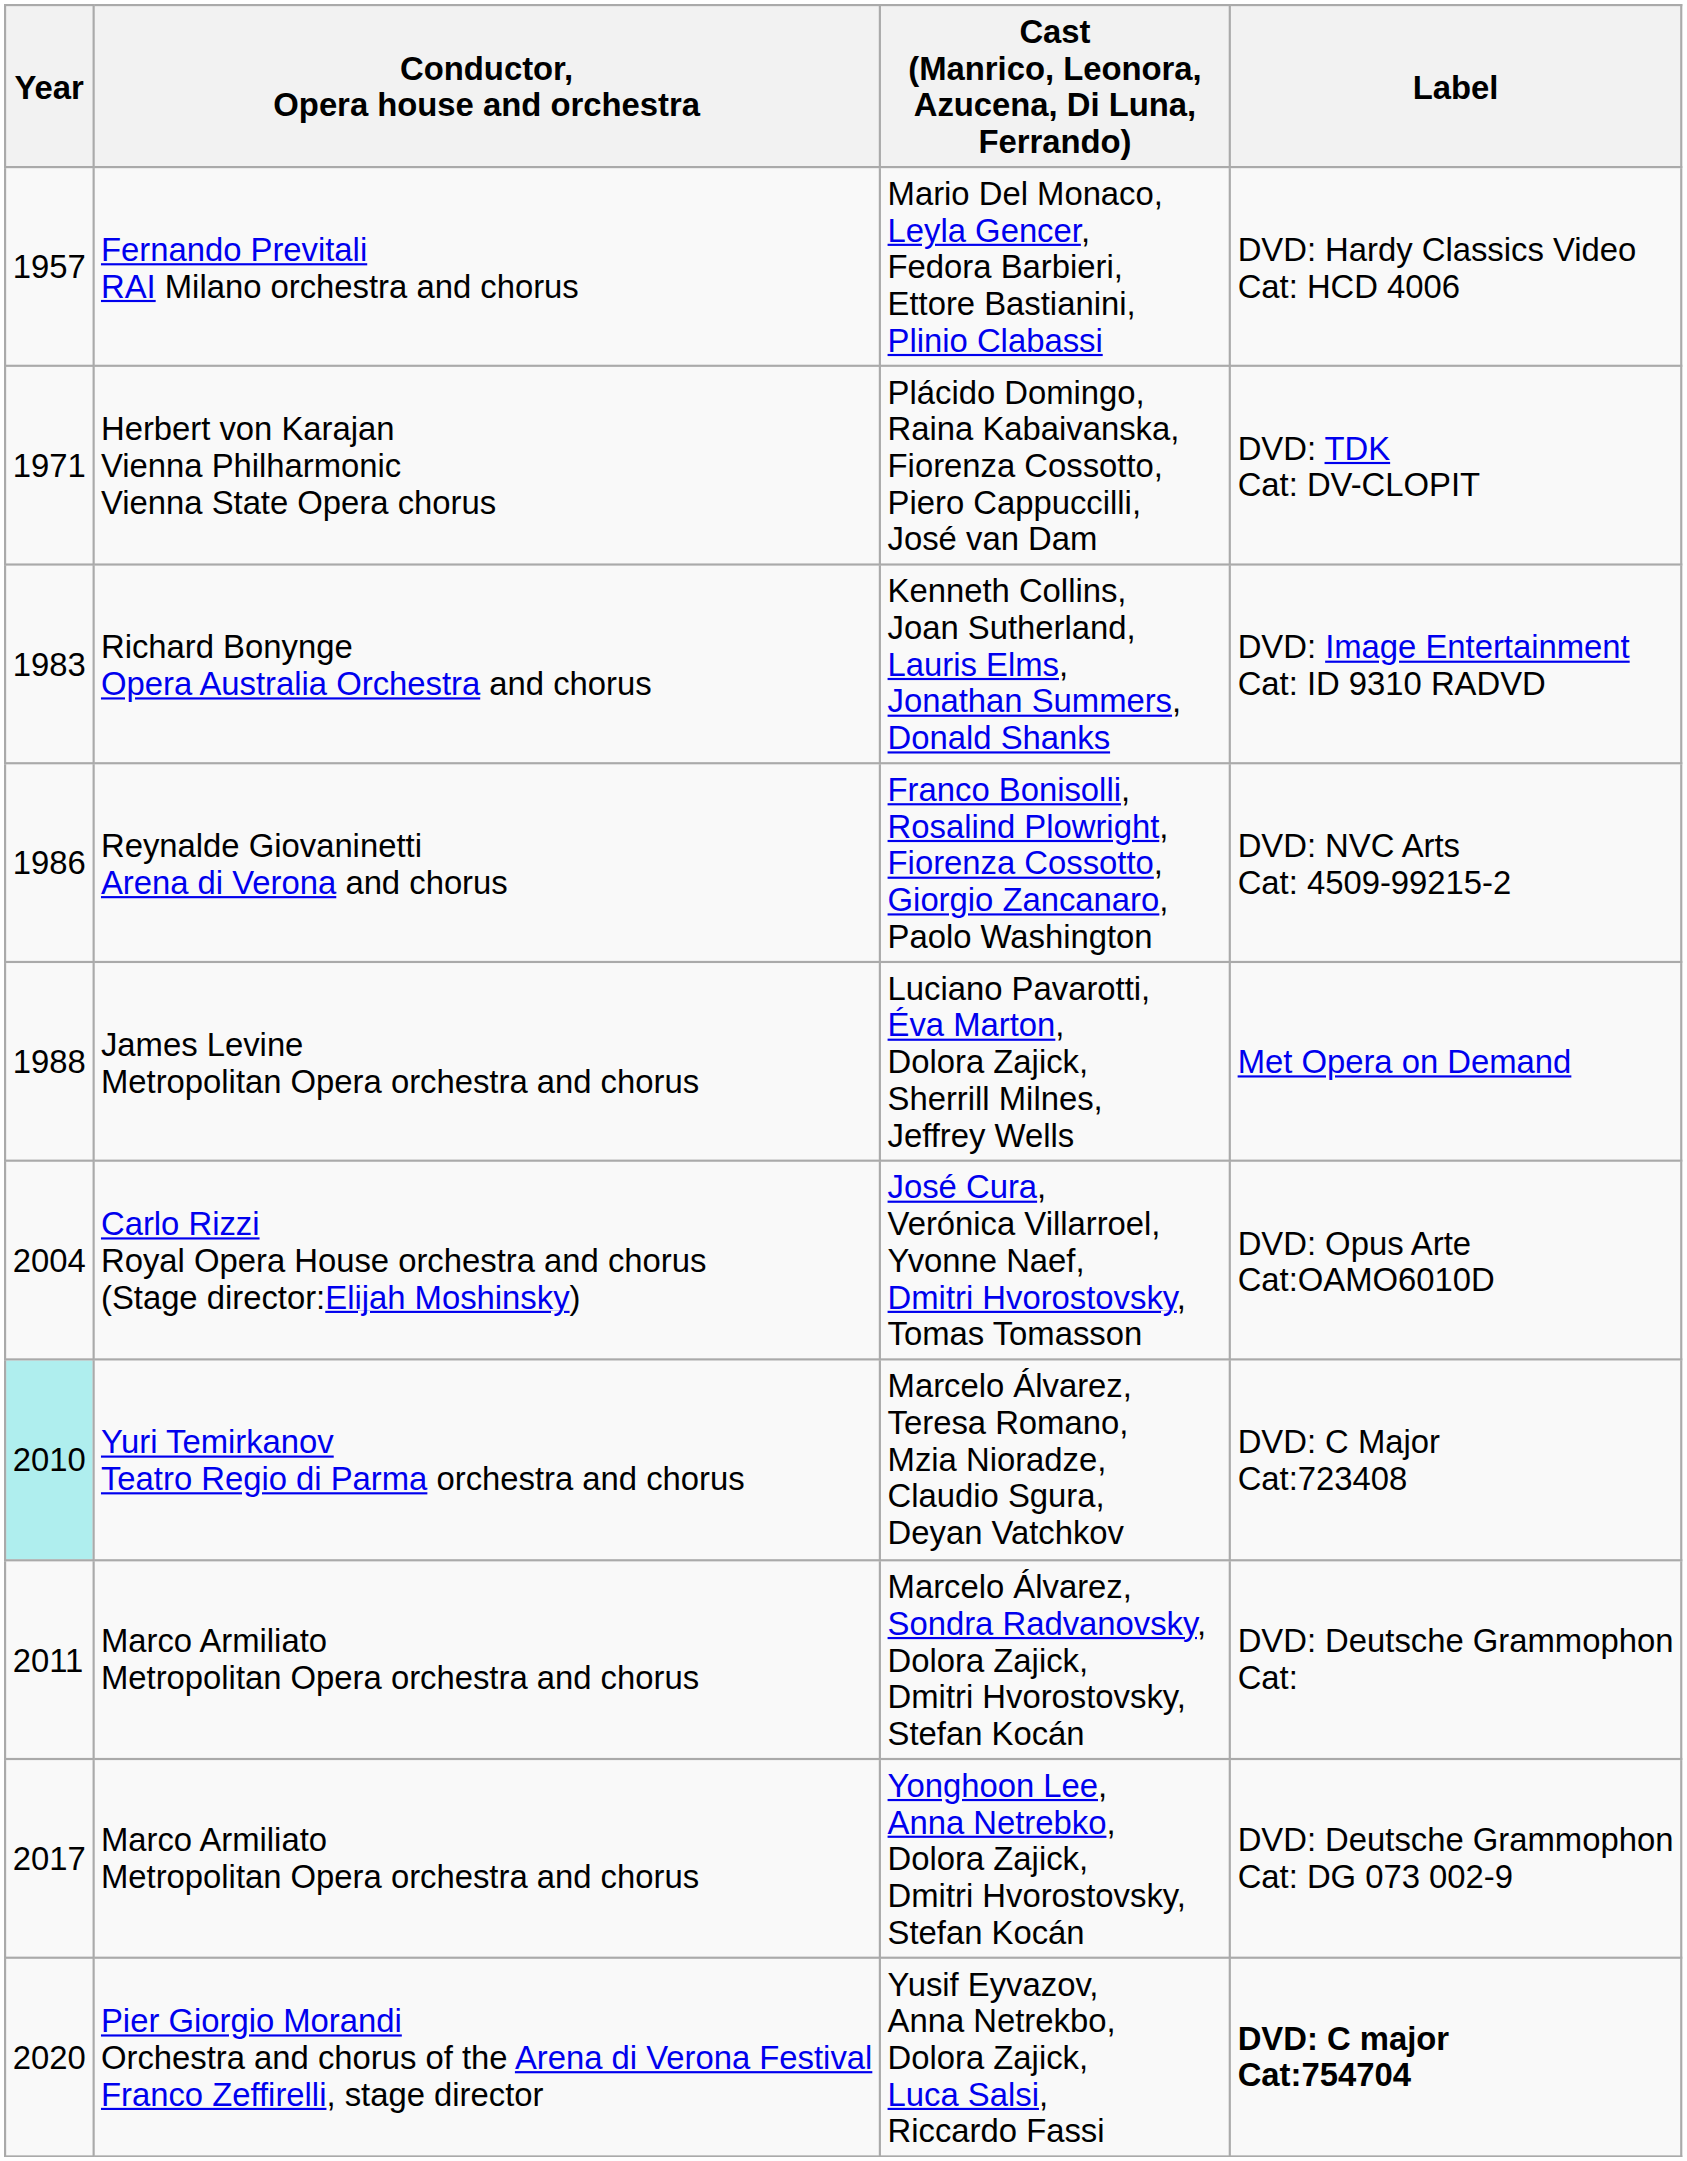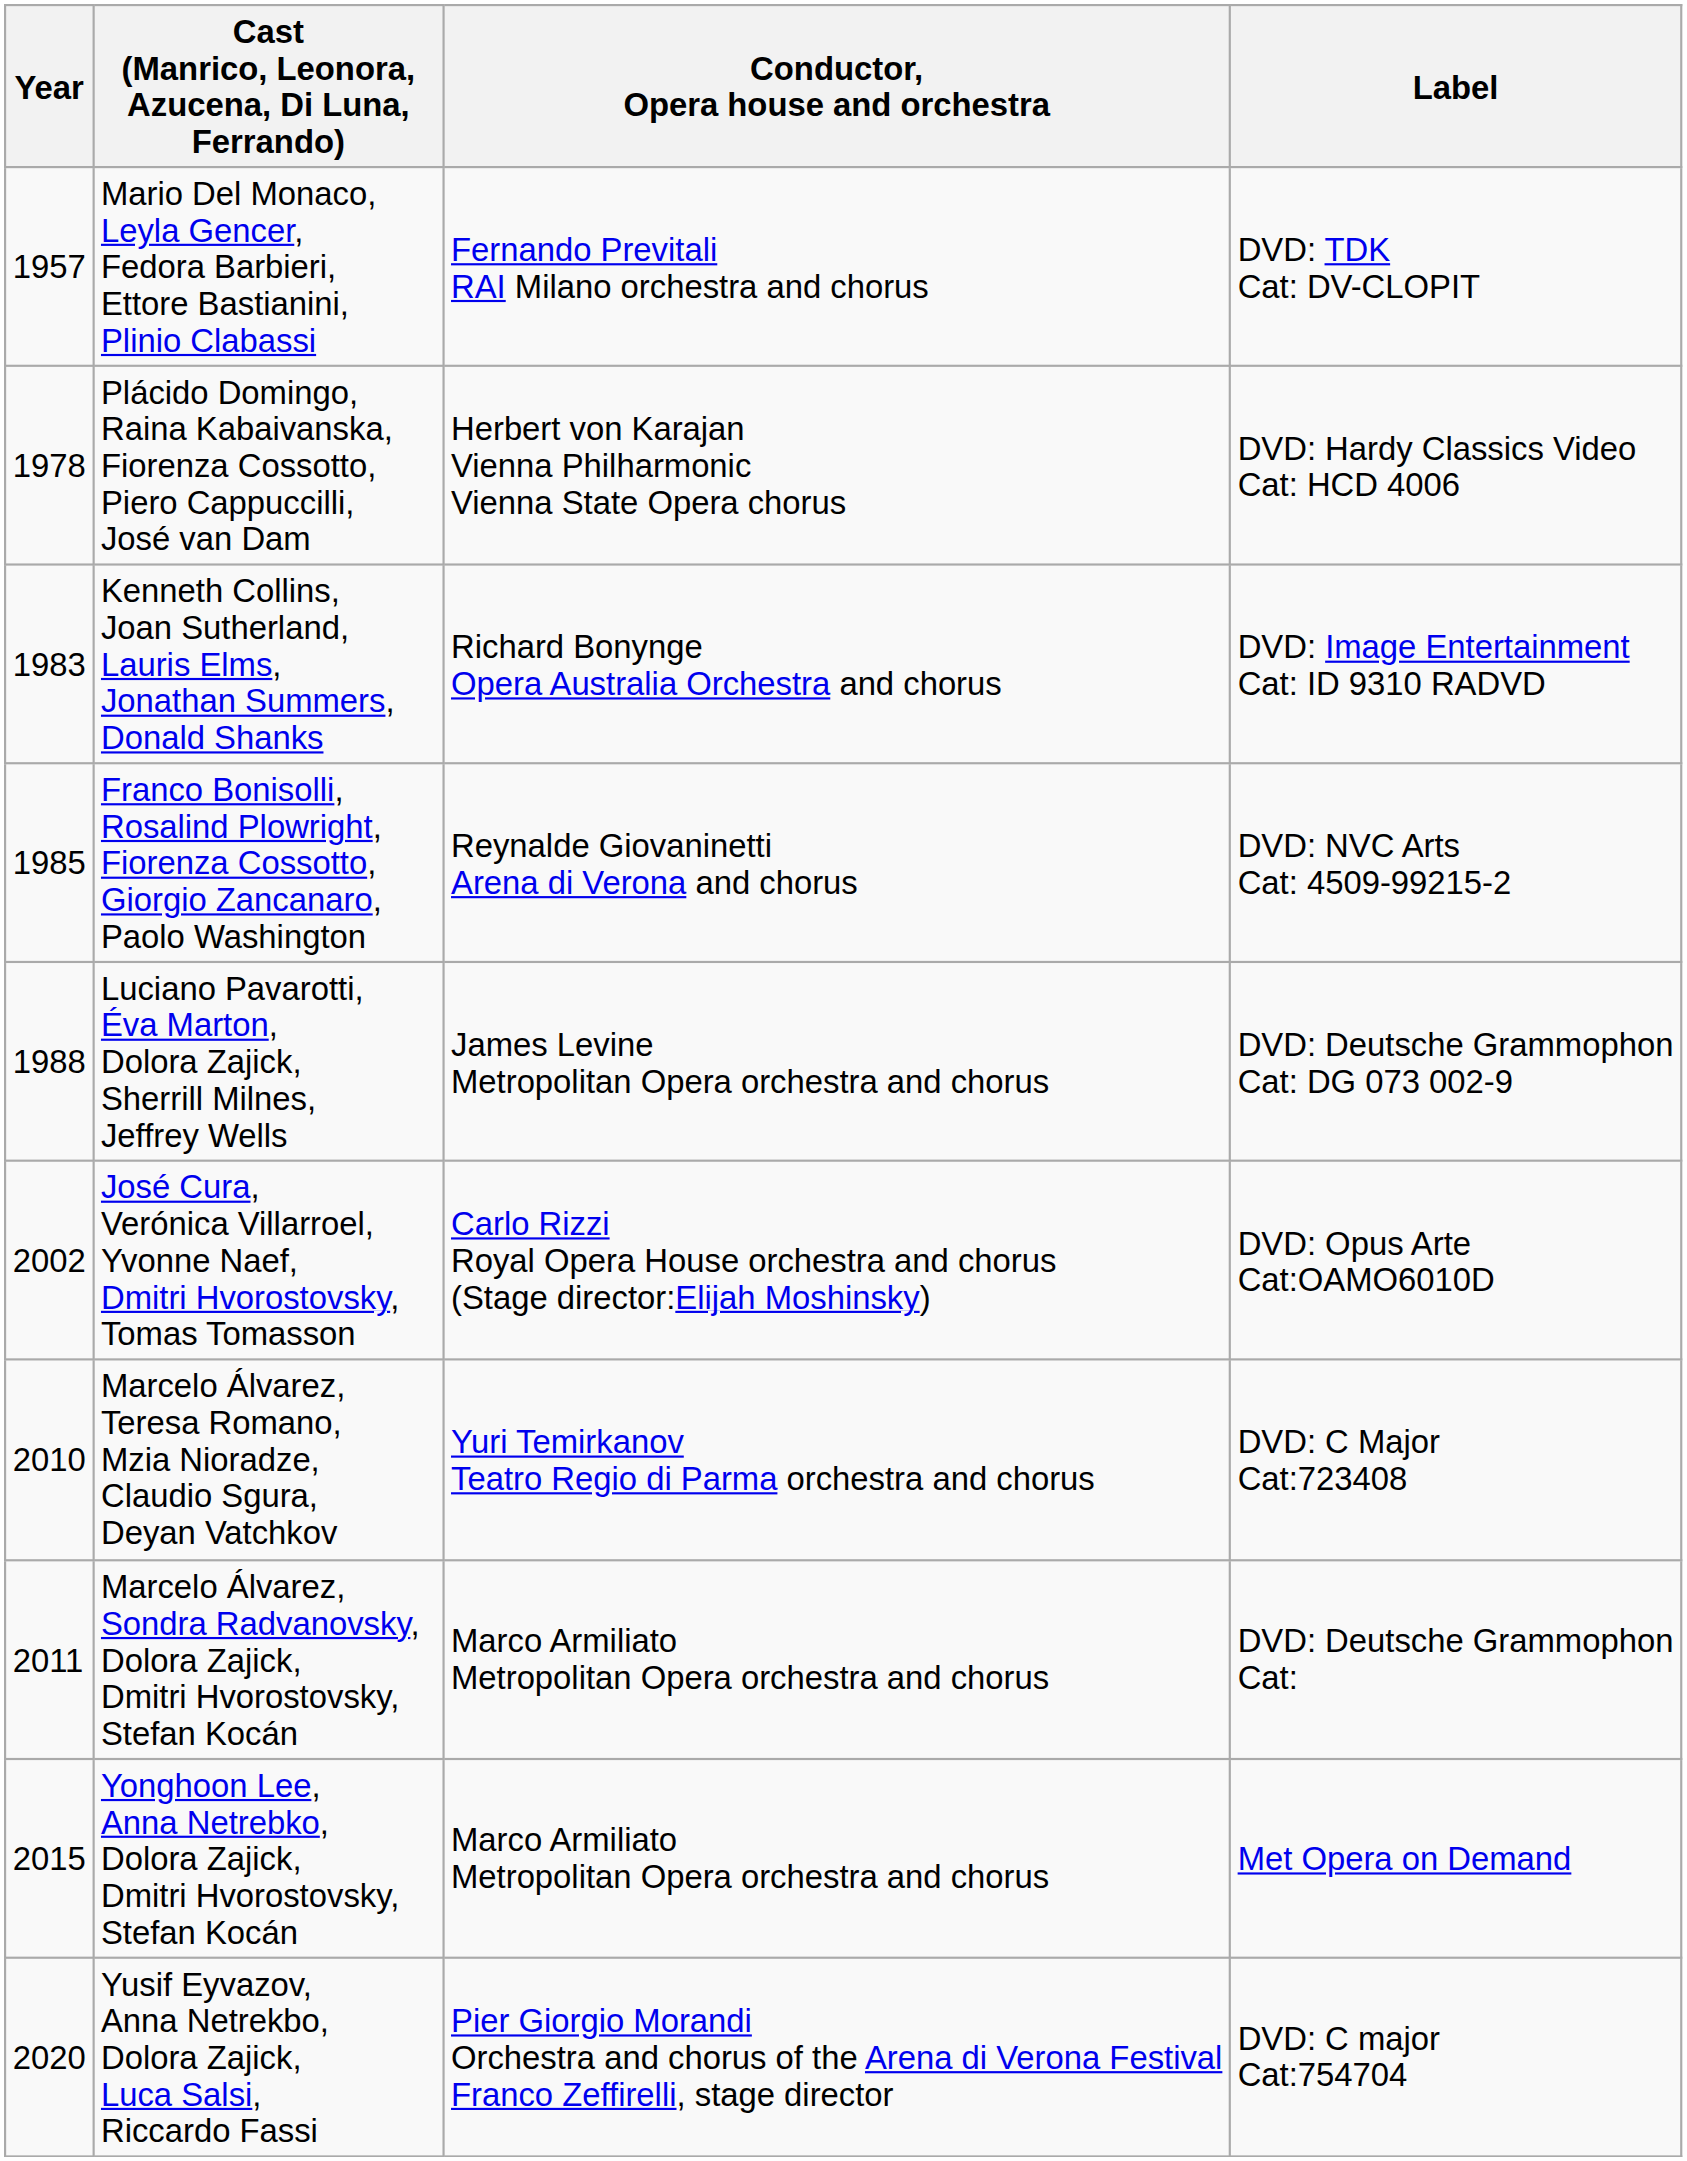 <table class="wikitable" style="font-size:95%;">
 <tr>
 <th>Year</th>
+<th Width="155">Cast<br>(Manrico, Leonora,<br>Azucena, Di Luna,<br>Ferrando)</th>
 <th>Conductor,<br>Opera house and orchestra</th>
-<th Width="155">Cast<br>(Manrico, Leonora,<br>Azucena, Di Luna,<br>Ferrando)</th>
 <th>Label</th>
 </tr>
 <tr>
 <td>1957</td>
+<td>Mario Del Monaco,<br><a href='#'>Leyla Gencer</a>,<br>Fedora Barbieri,<br>Ettore Bastianini,<br><a href='#'>Plinio Clabassi</a></td>
 <td><a href='#'>Fernando Previtali</a><br><a href='#'>RAI</a> Milano orchestra and chorus</td>
-<td>Mario Del Monaco,<br><a href='#'>Leyla Gencer</a>,<br>Fedora Barbieri,<br>Ettore Bastianini,<br><a href='#'>Plinio Clabassi</a></td>
+<td>DVD: <a href='#'>TDK</a><br>Cat: DV-CLOPIT</td>
+</tr>
+<tr>
+<td>1978</td>
+<td>Plácido Domingo,<br>Raina Kabaivanska,<br>Fiorenza Cossotto,<br>Piero Cappuccilli,<br>José van Dam</td>
+<td>Herbert von Karajan<br>Vienna Philharmonic<br>Vienna State Opera chorus</td>
 <td>DVD: Hardy Classics Video<br>Cat: HCD 4006</td>
 </tr>
 <tr>
-<td>1971</td>
-<td>Herbert von Karajan<br>Vienna Philharmonic<br>Vienna State Opera chorus</td>
-<td>Plácido Domingo,<br>Raina Kabaivanska,<br>Fiorenza Cossotto,<br>Piero Cappuccilli,<br>José van Dam</td>
-<td>DVD: <a href='#'>TDK</a><br>Cat: DV-CLOPIT</td>
-</tr>
-<tr>
 <td>1983</td>
+<td>Kenneth Collins,<br>Joan Sutherland,<br><a href='#'>Lauris Elms</a>,<br><a href='#'>Jonathan Summers</a>,<br><a href='#'>Donald Shanks</a></td>
 <td>Richard Bonynge<br><a href='#'>Opera Australia Orchestra</a> and chorus</td>
-<td>Kenneth Collins,<br>Joan Sutherland,<br><a href='#'>Lauris Elms</a>,<br><a href='#'>Jonathan Summers</a>,<br><a href='#'>Donald Shanks</a></td>
 <td>DVD: <a href='#'>Image Entertainment</a><br>Cat: ID 9310 RADVD</td>
 </tr>
 <tr>
-<td>1986</td>
+<td>1985</td>
+<td><a href='#'>Franco Bonisolli</a>,<br><a href='#'>Rosalind Plowright</a>,<br><a href='#'>Fiorenza Cossotto</a>,<br><a href='#'>Giorgio Zancanaro</a>,<br>Paolo Washington</td>
 <td>Reynalde Giovaninetti<br><a href='#'>Arena di Verona</a> and chorus</td>
-<td><a href='#'>Franco Bonisolli</a>,<br><a href='#'>Rosalind Plowright</a>,<br><a href='#'>Fiorenza Cossotto</a>,<br><a href='#'>Giorgio Zancanaro</a>,<br>Paolo Washington</td>
 <td>DVD: NVC Arts<br>Cat: 4509-99215-2</td>
 </tr>
 <tr>
 <td>1988</td>
+<td>Luciano Pavarotti,<br><a href='#'>Éva Marton</a>,<br>Dolora Zajick,<br>Sherrill Milnes,<br>Jeffrey Wells</td>
 <td>James Levine<br>Metropolitan Opera orchestra and chorus</td>
-<td>Luciano Pavarotti,<br><a href='#'>Éva Marton</a>,<br>Dolora Zajick,<br>Sherrill Milnes,<br>Jeffrey Wells</td>
-<td><a href='#'>Met Opera on Demand</a></td>
+<td>DVD: Deutsche Grammophon<br>Cat: DG 073 002-9</td>
 </tr>
 <tr>
-<td>2004</td>
+<td>2002</td>
+<td><a href='#'>José Cura</a>,<br>Verónica Villarroel,<br>Yvonne Naef,<br><a href='#'>Dmitri Hvorostovsky</a>,<br>Tomas Tomasson</td>
 <td><a href='#'>Carlo Rizzi</a><br>Royal Opera House orchestra and chorus <br>(Stage director:<a href='#'>Elijah Moshinsky</a>)</td>
-<td><a href='#'>José Cura</a>,<br>Verónica Villarroel,<br>Yvonne Naef,<br><a href='#'>Dmitri Hvorostovsky</a>,<br>Tomas Tomasson</td>
 <td>DVD: Opus Arte<br>Cat:OAMO6010D</td>
 </tr>
 <tr>
-<td style="background: paleturquoise;">2010</td>
+<td>2010</td>
+<td>Marcelo Álvarez,<br>Teresa Romano,<br>Mzia Nioradze,<br>Claudio Sgura,<br>Deyan Vatchkov</td>
 <td><a href='#'>Yuri Temirkanov</a><br><a href='#'>Teatro Regio di Parma</a> orchestra and chorus</td>
-<td>Marcelo Álvarez,<br>Teresa Romano,<br>Mzia Nioradze,<br>Claudio Sgura,<br>Deyan Vatchkov</td>
 <td>DVD: C Major<br>Cat:723408</td>
 </tr>
 <tr>
 <td>2011</td>
+<td>Marcelo Álvarez,<br><a href='#'>Sondra Radvanovsky</a>,<br>Dolora Zajick,<br>Dmitri Hvorostovsky,<br>Stefan Kocán</td>
 <td>Marco Armiliato<br>Metropolitan Opera orchestra and chorus</td>
-<td>Marcelo Álvarez,<br><a href='#'>Sondra Radvanovsky</a>,<br>Dolora Zajick,<br>Dmitri Hvorostovsky,<br>Stefan Kocán</td>
 <td>DVD: Deutsche Grammophon<br>Cat: </td>
 </tr>
 <tr>
-<td>2017</td>
+<td>2015</td>
+<td><a href='#'>Yonghoon Lee</a>,<br><a href='#'>Anna Netrebko</a>,<br>Dolora Zajick,<br>Dmitri Hvorostovsky,<br>Stefan Kocán</td>
 <td>Marco Armiliato<br>Metropolitan Opera orchestra and chorus</td>
-<td><a href='#'>Yonghoon Lee</a>,<br><a href='#'>Anna Netrebko</a>,<br>Dolora Zajick,<br>Dmitri Hvorostovsky,<br>Stefan Kocán</td>
-<td>DVD: Deutsche Grammophon<br>Cat: DG 073 002-9</td>
+<td><a href='#'>Met Opera on Demand</a></td>
 </tr>
 <tr>
 <td>2020</td>
+<td>Yusif Eyvazov, <br>Anna Netrekbo,<br>Dolora Zajick,<br><a href='#'>Luca Salsi</a>,<br>Riccardo Fassi</td>
 <td><a href='#'>Pier Giorgio Morandi</a><br> Orchestra and chorus of the <a href='#'>Arena di Verona Festival</a><br><a href='#'>Franco Zeffirelli</a>, stage director</td>
-<td>Yusif Eyvazov, <br>Anna Netrekbo,<br>Dolora Zajick,<br><a href='#'>Luca Salsi</a>,<br>Riccardo Fassi</td>
-<td><strong>DVD: C major<br>Cat:754704</strong></td>
+<td>DVD: C major<br>Cat:754704</td>
 </tr>
 </table>
